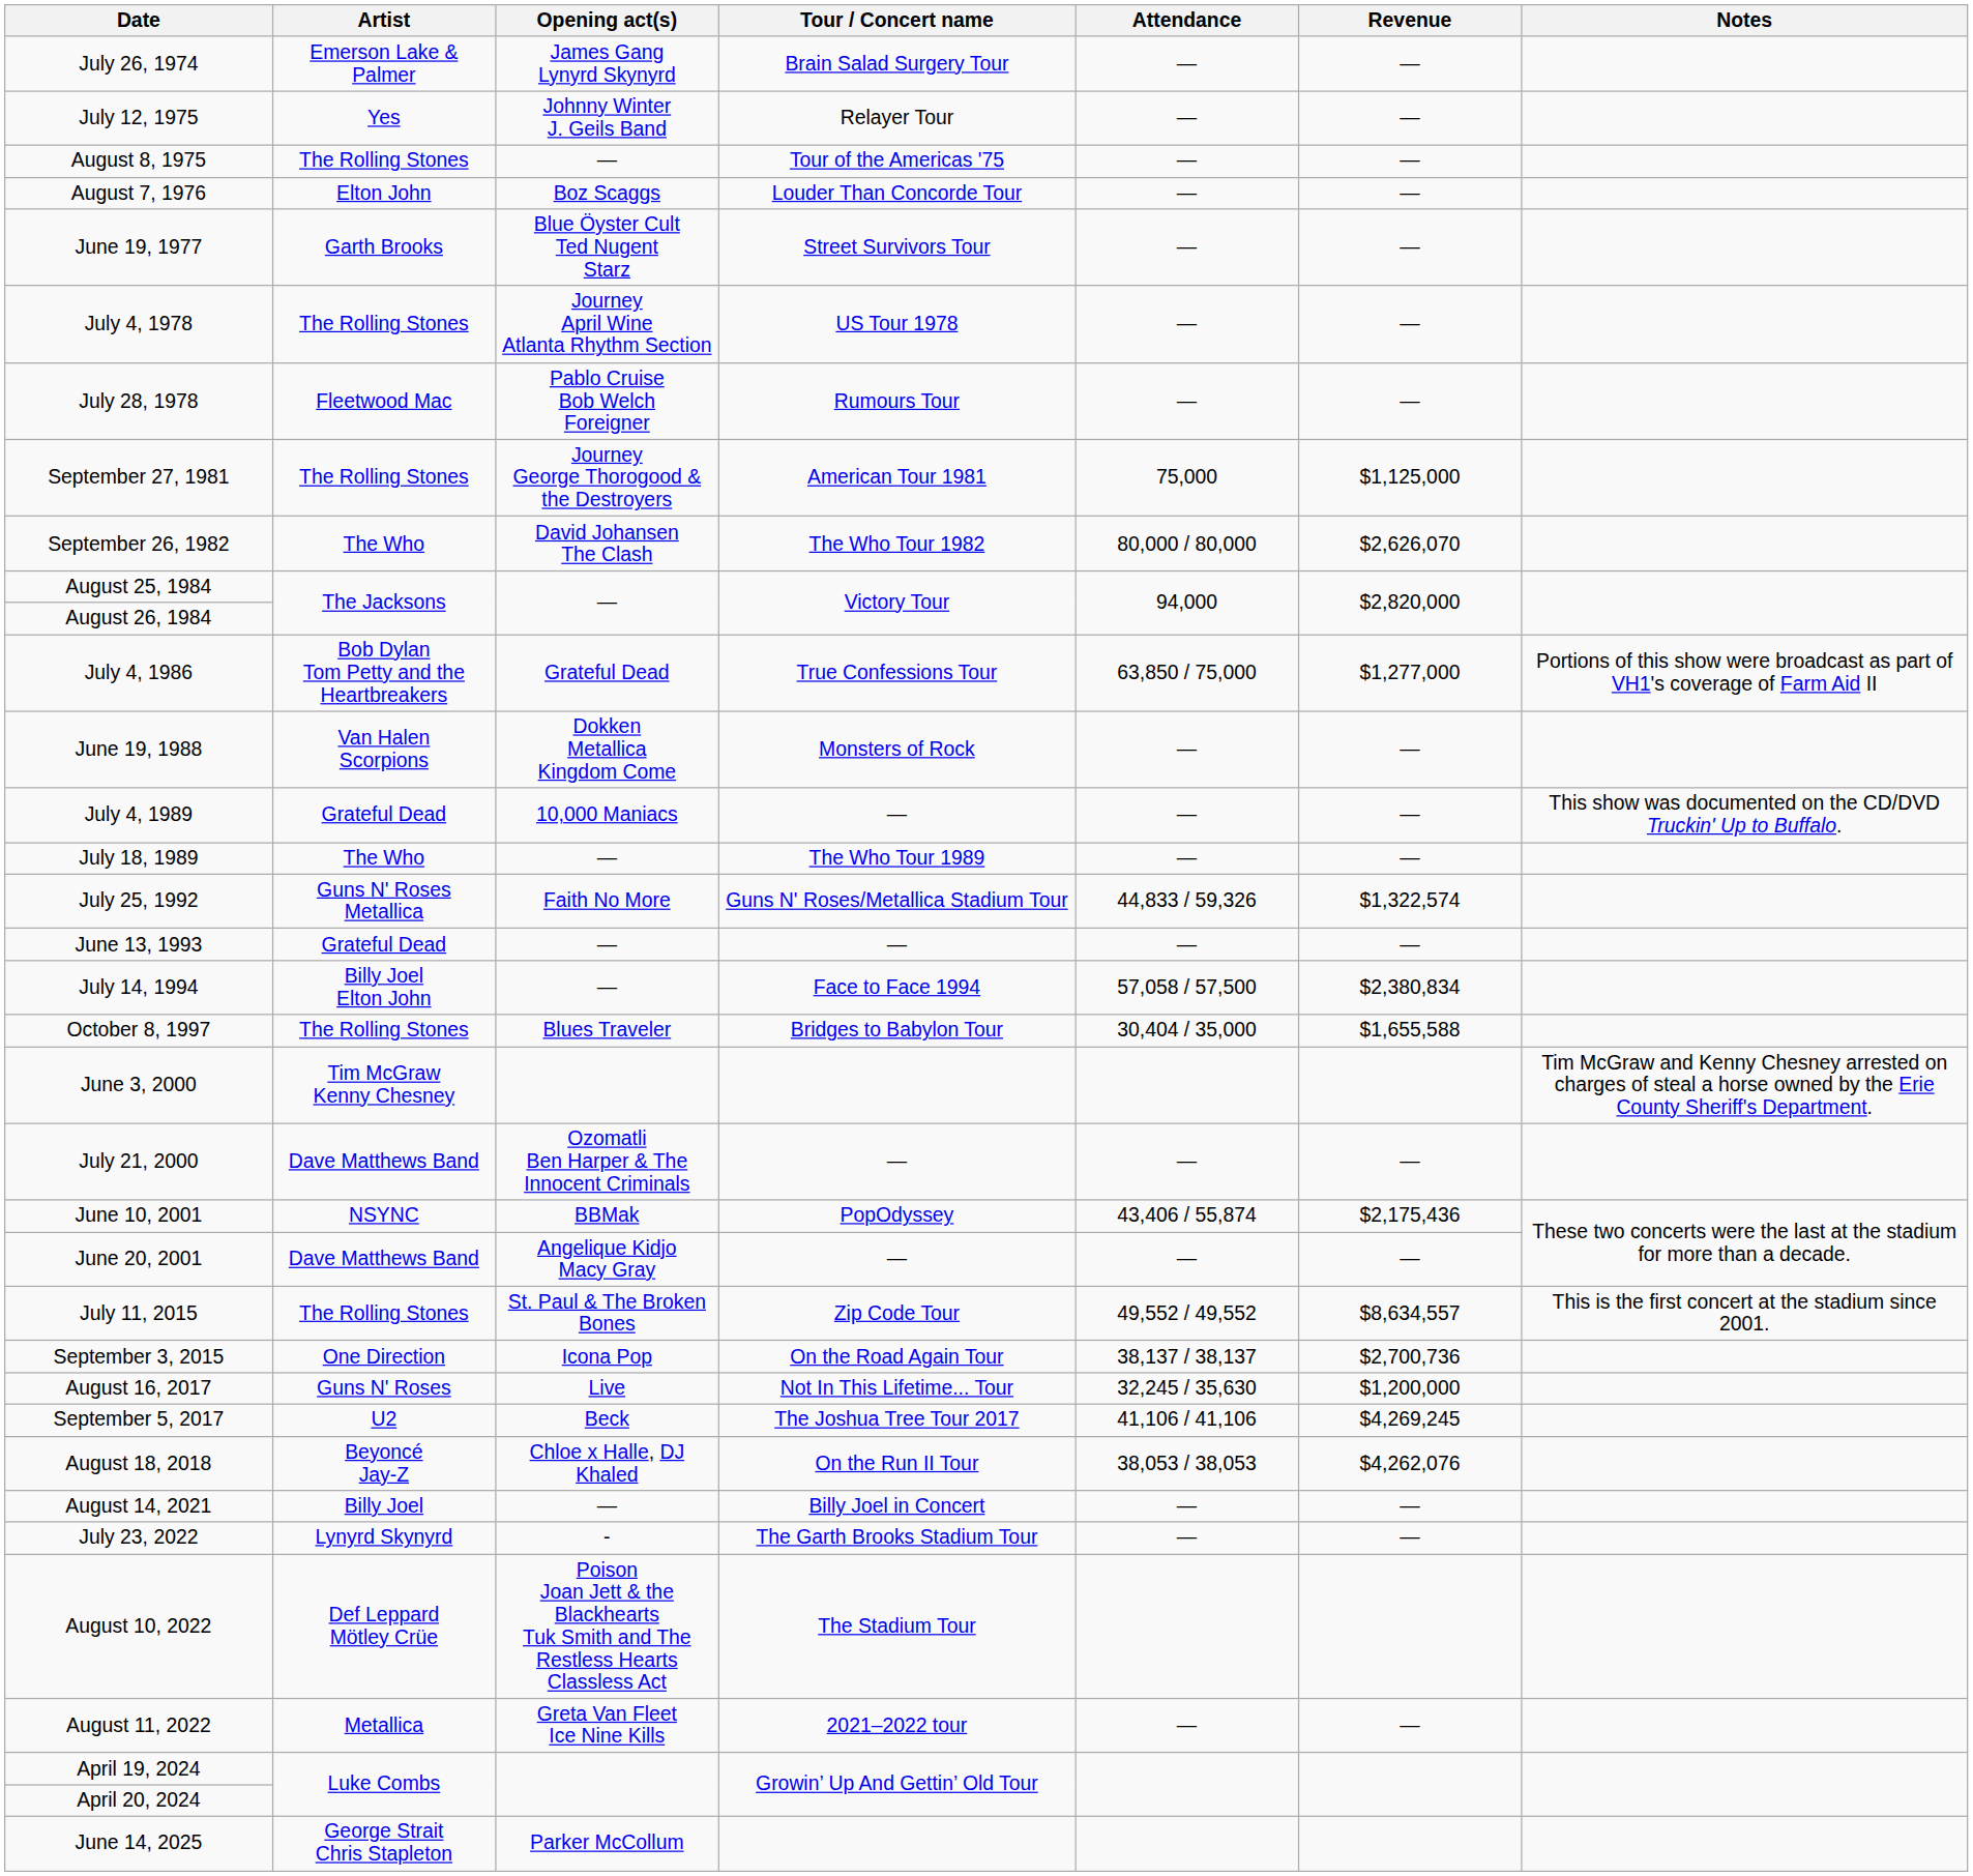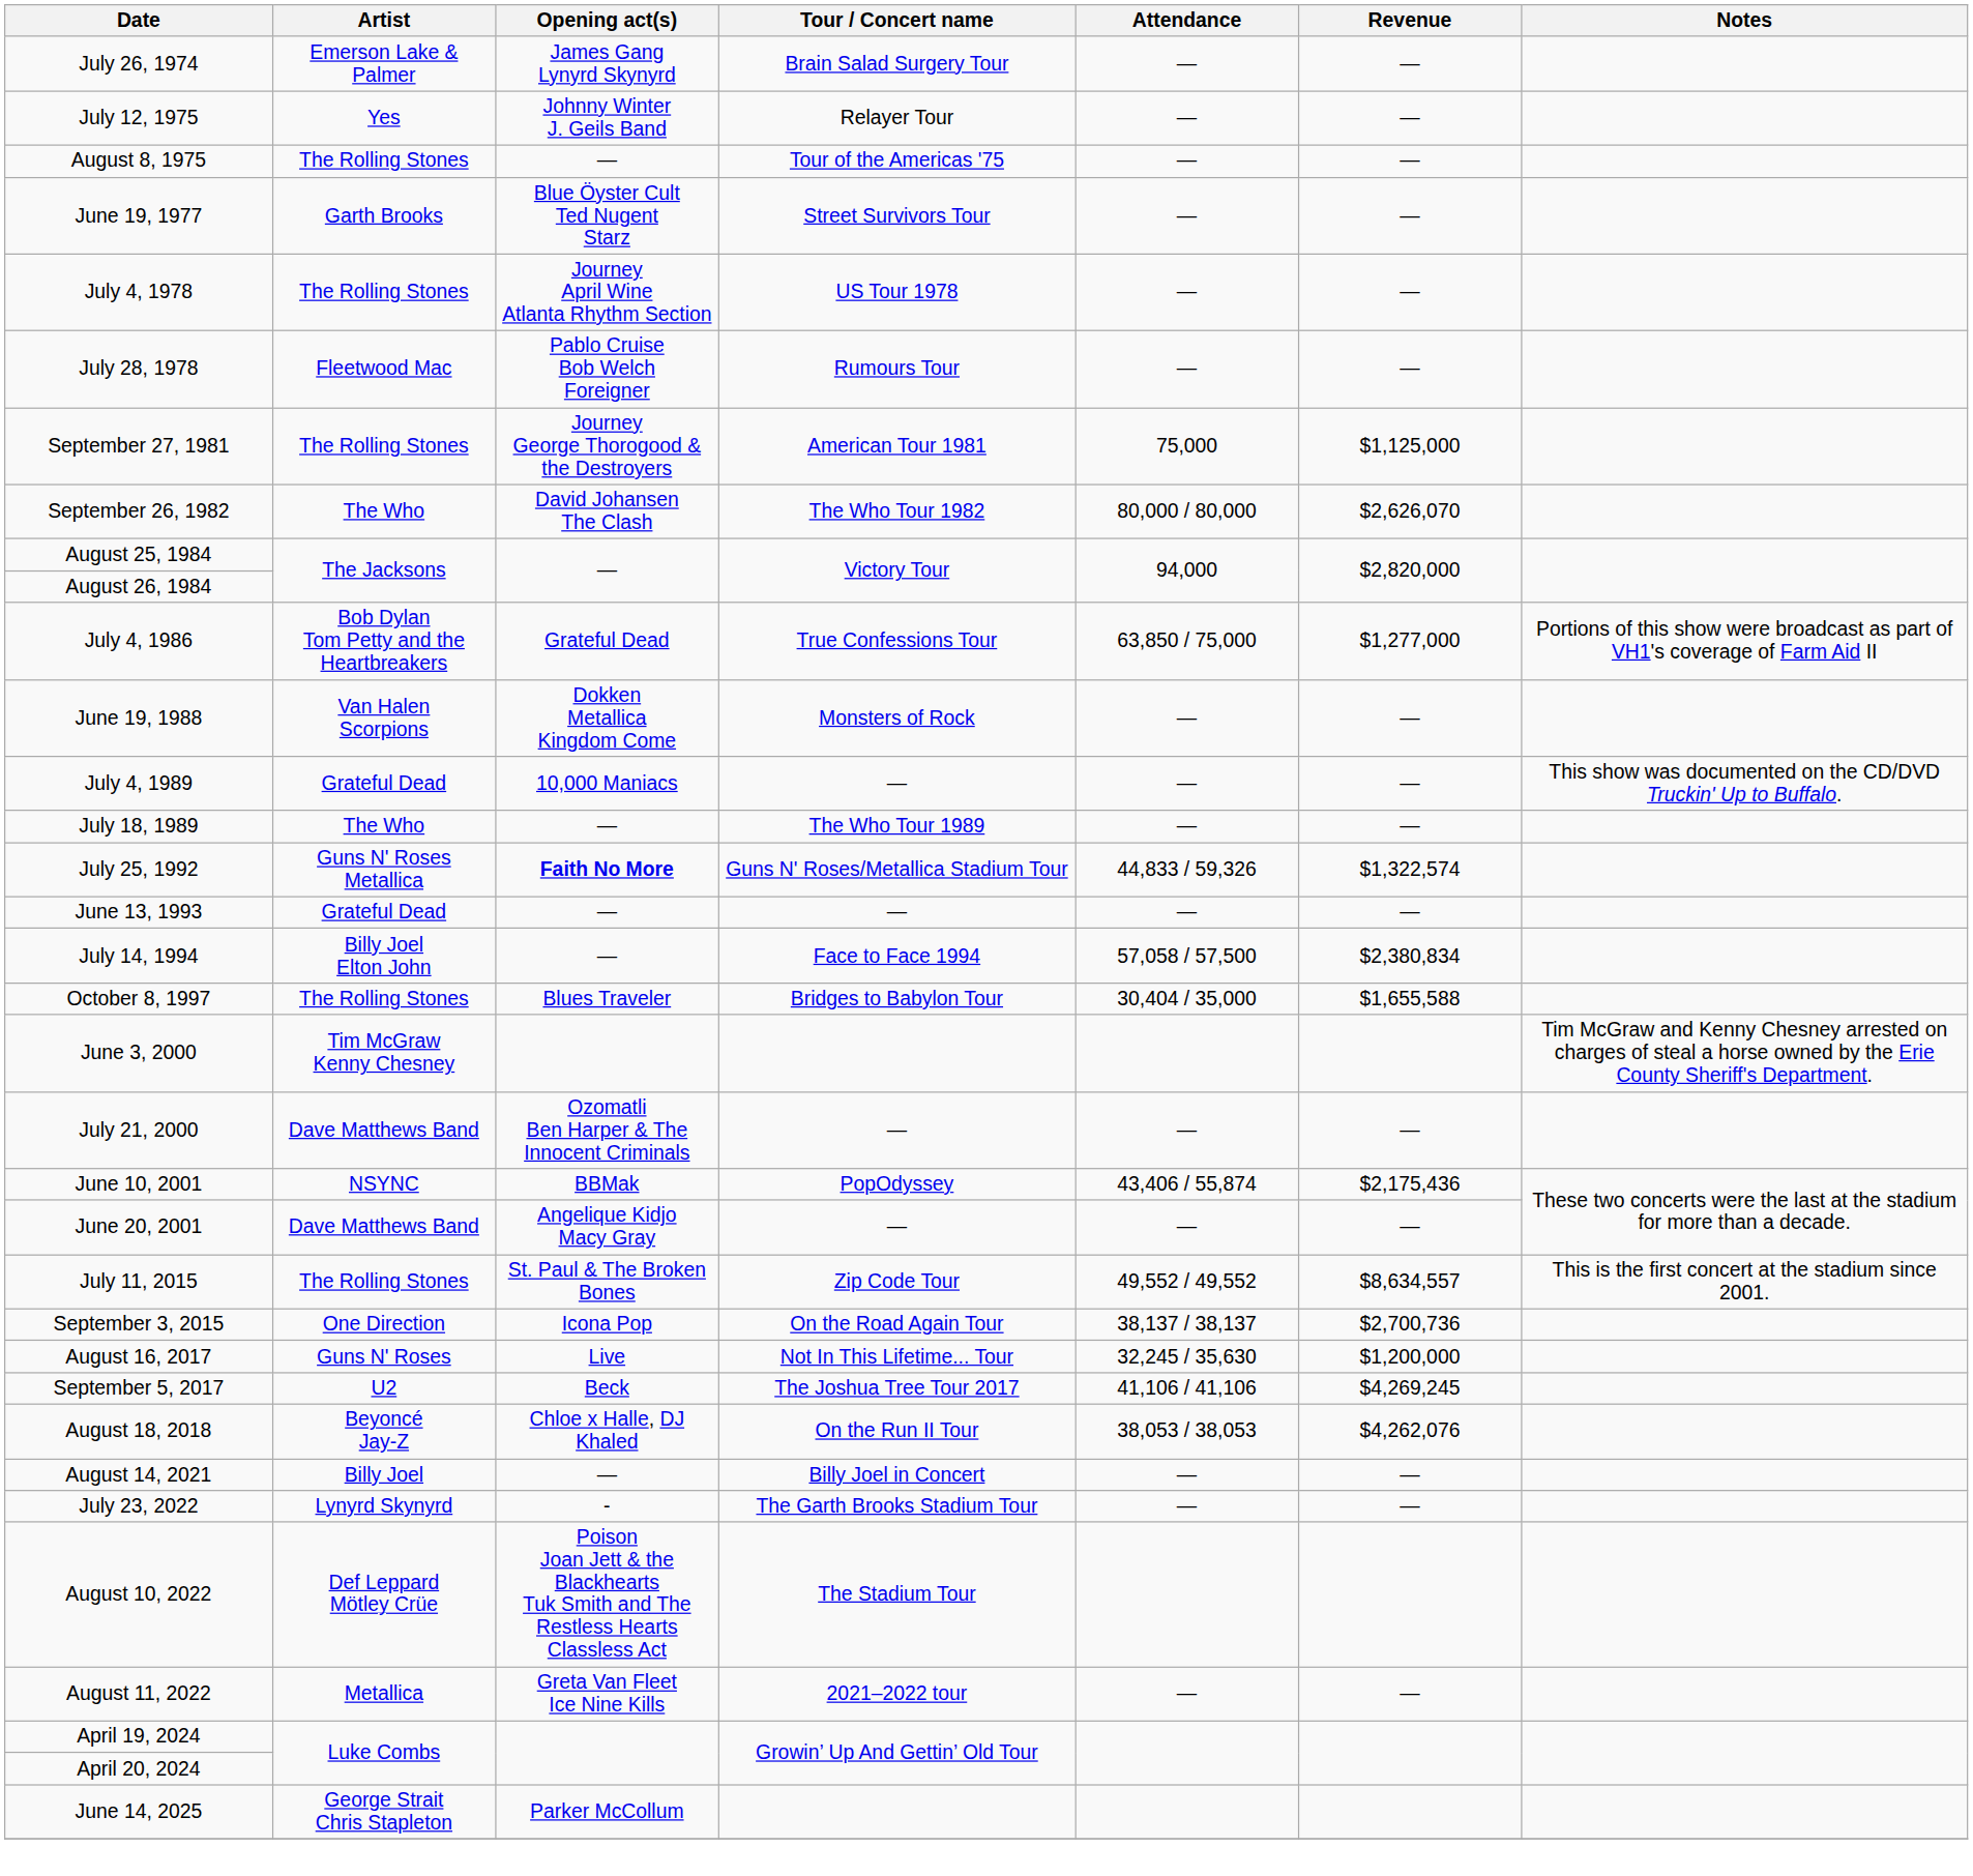 <table class="wikitable" style="text-align:center;">
 <tr>
 <th width=12% style="text-align:center;">Date</th>
 <th width=10% style="text-align:center;">Artist</th>
 <th width=10% style="text-align:center;">Opening act(s)</th>
 <th width=16% style="text-align:center;">Tour / Concert name</th>
 <th width=10% style="text-align:center;">Attendance</th>
 <th width=10% style="text-align:center;">Revenue</th>
 <th width=20% style="text-align:center;">Notes</th>
 </tr>
 <tr>
 <td>July 26, 1974</td>
 <td><a href='#'>Emerson Lake & Palmer</a></td>
 <td><a href='#'>James Gang</a><br><a href='#'>Lynyrd Skynyrd</a></td>
 <td><a href='#'>Brain Salad Surgery Tour</a></td>
 <td>—</td>
 <td>—</td>
 <td></td>
 </tr>
 <tr>
 <td>July 12, 1975</td>
 <td><a href='#'>Yes</a></td>
 <td><a href='#'>Johnny Winter</a><br><a href='#'>J. Geils Band</a></td>
 <td>Relayer Tour</td>
 <td>—</td>
 <td>—</td>
 <td></td>
 </tr>
 <tr>
 <td>August 8, 1975</td>
 <td><a href='#'>The Rolling Stones</a></td>
 <td>—</td>
 <td><a href='#'>Tour of the Americas '75</a></td>
-<td>—</td>
-<td>—</td>
-<td></td>
-</tr>
-<tr>
-<td>August 7, 1976</td>
-<td><a href='#'>Elton John</a></td>
-<td><a href='#'>Boz Scaggs</a></td>
-<td><a href='#'>Louder Than Concorde Tour</a></td>
 <td>—</td>
 <td>—</td>
 <td></td>
 </tr>
 <tr>
 <td>June 19, 1977</td>
 <td><a href='#'>Garth Brooks</a></td>
 <td><a href='#'>Blue Öyster Cult</a><br><a href='#'>Ted Nugent</a><br><a href='#'>Starz</a></td>
 <td><a href='#'>Street Survivors Tour</a></td>
 <td>—</td>
 <td>—</td>
 <td></td>
 </tr>
 <tr>
 <td>July 4, 1978</td>
 <td><a href='#'>The Rolling Stones</a></td>
 <td><a href='#'>Journey</a><br><a href='#'>April Wine</a><br><a href='#'>Atlanta Rhythm Section</a></td>
 <td><a href='#'>US Tour 1978</a></td>
 <td>—</td>
 <td>—</td>
 <td></td>
 </tr>
 <tr>
 <td>July 28, 1978</td>
 <td><a href='#'>Fleetwood Mac</a></td>
 <td><a href='#'>Pablo Cruise</a><br><a href='#'>Bob Welch</a><br><a href='#'>Foreigner</a></td>
 <td><a href='#'>Rumours Tour</a></td>
 <td>—</td>
 <td>—</td>
 <td></td>
 </tr>
 <tr>
 <td>September 27, 1981</td>
 <td><a href='#'>The Rolling Stones</a></td>
 <td><a href='#'>Journey</a><br><a href='#'>George Thorogood & the Destroyers</a></td>
 <td><a href='#'>American Tour 1981</a></td>
 <td>75,000</td>
 <td>$1,125,000</td>
 <td></td>
 </tr>
 <tr>
 <td>September 26, 1982</td>
 <td><a href='#'>The Who</a></td>
 <td><a href='#'>David Johansen</a><br><a href='#'>The Clash</a></td>
 <td><a href='#'>The Who Tour 1982</a></td>
 <td>80,000 / 80,000</td>
 <td>$2,626,070</td>
 <td></td>
 </tr>
 <tr>
 <td>August 25, 1984</td>
 <td rowspan=2><a href='#'>The Jacksons</a></td>
 <td rowspan=2>—</td>
 <td rowspan=2><a href='#'>Victory Tour</a></td>
 <td rowspan=2>94,000</td>
 <td rowspan=2>$2,820,000</td>
 <td rowspan=2></td>
 </tr>
 <tr>
 <td>August 26, 1984</td>
 </tr>
 <tr>
 <td>July 4, 1986</td>
 <td><a href='#'>Bob Dylan</a><br><a href='#'>Tom Petty and the Heartbreakers</a></td>
 <td><a href='#'>Grateful Dead</a></td>
 <td><a href='#'>True Confessions Tour</a></td>
 <td>63,850 / 75,000</td>
 <td>$1,277,000</td>
 <td>Portions of this show were broadcast as part of <a href='#'>VH1</a>'s coverage of <a href='#'>Farm Aid</a> II</td>
 </tr>
 <tr>
 <td>June 19, 1988</td>
 <td><a href='#'>Van Halen</a><br><a href='#'>Scorpions</a></td>
 <td><a href='#'>Dokken</a><br><a href='#'>Metallica</a><br><a href='#'>Kingdom Come</a></td>
 <td><a href='#'>Monsters of Rock</a></td>
 <td>—</td>
 <td>—</td>
 <td></td>
 </tr>
 <tr>
 <td>July 4, 1989</td>
 <td><a href='#'>Grateful Dead</a></td>
 <td><a href='#'>10,000 Maniacs</a></td>
 <td>—</td>
 <td>—</td>
 <td>—</td>
 <td>This show was documented on the CD/DVD <em><a href='#'>Truckin' Up to Buffalo</a></em>.</td>
 </tr>
 <tr>
 <td>July 18, 1989</td>
 <td><a href='#'>The Who</a></td>
 <td>—</td>
 <td><a href='#'>The Who Tour 1989</a></td>
 <td>—</td>
 <td>—</td>
 <td></td>
 </tr>
 <tr>
 <td>July 25, 1992</td>
 <td><a href='#'>Guns N' Roses</a><br><a href='#'>Metallica</a></td>
-<td><a href='#'>Faith No More</a></td>
+<td><strong><a href='#'>Faith No More</a></strong></td>
 <td><a href='#'>Guns N' Roses/Metallica Stadium Tour</a></td>
 <td>44,833 / 59,326</td>
 <td>$1,322,574</td>
 <td></td>
 </tr>
 <tr>
 <td>June 13, 1993</td>
 <td><a href='#'>Grateful Dead</a></td>
 <td>—</td>
 <td>—</td>
 <td>—</td>
 <td>—</td>
 <td></td>
 </tr>
 <tr>
 <td>July 14, 1994</td>
 <td><a href='#'>Billy Joel</a><br><a href='#'>Elton John</a></td>
 <td>—</td>
 <td><a href='#'>Face to Face 1994</a></td>
 <td>57,058 / 57,500</td>
 <td>$2,380,834</td>
 <td></td>
 </tr>
 <tr>
 <td>October 8, 1997</td>
 <td><a href='#'>The Rolling Stones</a></td>
 <td><a href='#'>Blues Traveler</a></td>
 <td><a href='#'>Bridges to Babylon Tour</a></td>
 <td>30,404 / 35,000</td>
 <td>$1,655,588</td>
 <td></td>
 </tr>
 <tr>
 <td>June 3, 2000</td>
 <td><a href='#'>Tim McGraw</a><br> <a href='#'>Kenny Chesney</a></td>
 <td></td>
 <td></td>
 <td></td>
 <td></td>
 <td>Tim McGraw and Kenny Chesney arrested on charges of steal a horse owned by the <a href='#'>Erie County Sheriff's Department</a>.</td>
 </tr>
 <tr>
 <td>July 21, 2000</td>
 <td><a href='#'>Dave Matthews Band</a></td>
 <td><a href='#'>Ozomatli</a><br><a href='#'>Ben Harper & The Innocent Criminals</a></td>
 <td>—</td>
 <td>—</td>
 <td>—</td>
 <td></td>
 </tr>
 <tr>
 <td>June 10, 2001</td>
 <td><a href='#'>NSYNC</a></td>
 <td><a href='#'>BBMak</a></td>
 <td><a href='#'>PopOdyssey</a></td>
 <td>43,406 / 55,874</td>
 <td>$2,175,436</td>
 <td rowspan=2>These two concerts were the last at the stadium for more than a decade.</td>
 </tr>
 <tr>
 <td>June 20, 2001</td>
 <td><a href='#'>Dave Matthews Band</a></td>
 <td><a href='#'>Angelique Kidjo</a><br><a href='#'>Macy Gray</a></td>
 <td>—</td>
 <td>—</td>
 <td>—</td>
 </tr>
 <tr>
 <td>July 11, 2015</td>
 <td><a href='#'>The Rolling Stones</a></td>
 <td><a href='#'>St. Paul & The Broken Bones</a></td>
 <td><a href='#'>Zip Code Tour</a></td>
 <td>49,552 / 49,552</td>
 <td>$8,634,557</td>
 <td>This is the first concert at the stadium since 2001.</td>
 </tr>
 <tr>
 <td>September 3, 2015</td>
 <td><a href='#'>One Direction</a></td>
 <td><a href='#'>Icona Pop</a></td>
 <td><a href='#'>On the Road Again Tour</a></td>
 <td>38,137 / 38,137</td>
 <td>$2,700,736</td>
 <td></td>
 </tr>
 <tr>
 <td>August 16, 2017</td>
 <td><a href='#'>Guns N' Roses</a></td>
 <td><a href='#'>Live</a></td>
 <td><a href='#'>Not In This Lifetime... Tour</a></td>
 <td>32,245 / 35,630</td>
 <td>$1,200,000</td>
 <td></td>
 </tr>
 <tr>
 <td>September 5, 2017</td>
 <td><a href='#'>U2</a></td>
 <td><a href='#'>Beck</a></td>
 <td><a href='#'>The Joshua Tree Tour 2017</a></td>
 <td>41,106 / 41,106</td>
 <td>$4,269,245</td>
 <td></td>
 </tr>
 <tr>
 <td>August 18, 2018</td>
 <td><a href='#'>Beyoncé</a><br><a href='#'>Jay-Z</a></td>
 <td><a href='#'>Chloe x Halle</a>, <a href='#'>DJ Khaled</a></td>
 <td><a href='#'>On the Run II Tour</a></td>
 <td>38,053 / 38,053</td>
 <td>$4,262,076</td>
 <td></td>
 </tr>
 <tr>
 <td>August 14, 2021</td>
 <td><a href='#'>Billy Joel</a></td>
 <td>—</td>
 <td><a href='#'>Billy Joel in Concert</a></td>
 <td>—</td>
 <td>—</td>
 <td></td>
 </tr>
 <tr>
 <td>July 23, 2022</td>
 <td><a href='#'>Lynyrd Skynyrd</a></td>
 <td>-</td>
 <td><a href='#'>The Garth Brooks Stadium Tour</a></td>
 <td>—</td>
 <td>—</td>
 <td></td>
 </tr>
 <tr>
 <td>August 10, 2022</td>
 <td><a href='#'>Def Leppard</a><br><a href='#'>Mötley Crüe</a></td>
 <td><a href='#'>Poison</a><br><a href='#'> Joan Jett & the Blackhearts</a><br><a href='#'>Tuk Smith and The Restless Hearts</a><br><a href='#'>Classless Act</a></td>
 <td><a href='#'>The Stadium Tour</a></td>
 <td></td>
 <td></td>
 <td></td>
 </tr>
 <tr>
 <td>August 11, 2022</td>
 <td><a href='#'>Metallica</a></td>
 <td><a href='#'>Greta Van Fleet</a><br><a href='#'>Ice Nine Kills</a></td>
 <td><a href='#'>2021–2022 tour</a></td>
 <td>—</td>
 <td>—</td>
 <td></td>
 </tr>
 <tr>
 <td>April 19, 2024</td>
 <td rowspan="2"><a href='#'>Luke Combs</a></td>
 <td rowspan="2"></td>
 <td rowspan="2"><a href='#'>Growin’ Up And Gettin’ Old Tour</a></td>
 <td rowspan="2"></td>
 <td rowspan="2"></td>
 <td rowspan="2"></td>
 </tr>
 <tr>
 <td>April 20, 2024</td>
 </tr>
 <tr>
 <td>June 14, 2025</td>
 <td><a href='#'>George Strait</a><br><a href='#'>Chris Stapleton</a></td>
 <td><a href='#'>Parker McCollum</a></td>
 <td></td>
 <td></td>
 <td></td>
 <td></td>
 </tr>
 <tr>
 </tr>
 </table>
